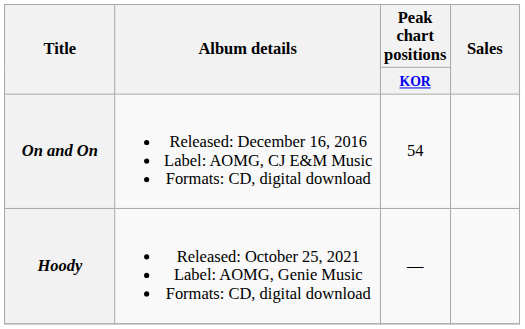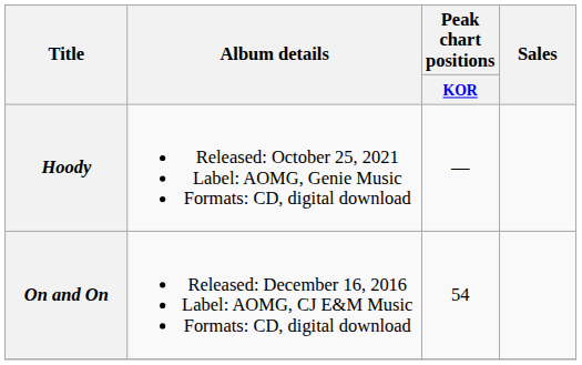 <table class="wikitable plainrowheaders" style="text-align:center;">
 <tr>
 <th scope="col" rowspan="2" style="width:100px;">Title</th>
 <th scope="col" rowspan="2" style="width:250px;">Album details</th>
 <th scope="col" colspan="1" style="width:60px;">Peak chart positions</th>
 <th scope="col" rowspan="2" style="width:60px;">Sales</th>
 </tr>
 <tr>
 <th><small><a href='#'>KOR</a></small><br></th>
 </tr>
 <tr>
+<th scope="row"><em>Hoody</em></th>
+<td><br><ul><li>Released: October 25, 2021</li><li>Label: AOMG, Genie Music</li><li>Formats: CD, digital download</li></ul></td>
+<td>—</td>
+<td></td>
+</tr>
+<tr>
 <th scope="row"><em>On and On</em></th>
 <td><br><ul><li>Released: December 16, 2016</li><li>Label: AOMG, CJ E&M Music</li><li>Formats: CD, digital download</li></ul></td>
 <td>54</td>
 <td></td>
 </tr>
 <tr>
-<th scope="row"><em>Hoody</em></th>
-<td><br><ul><li>Released: October 25, 2021</li><li>Label: AOMG, Genie Music</li><li>Formats: CD, digital download</li></ul></td>
-<td>—</td>
-<td></td>
-</tr>
-<tr>
 </tr>
 </table>
